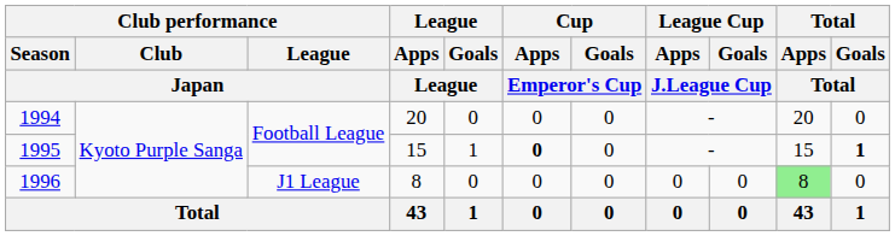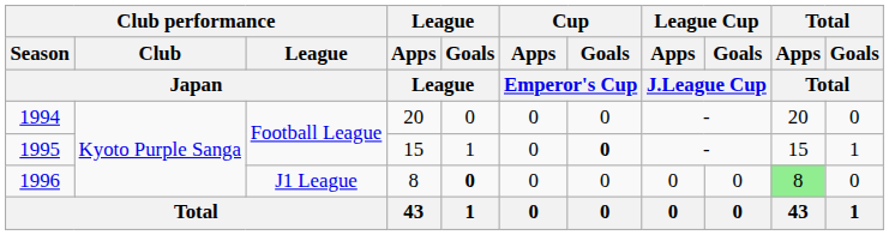 <table class="wikitable" style="text-align:center;">
 <tr>
 <th colspan=3>Club performance</th>
 <th colspan=2>League</th>
 <th colspan=2>Cup</th>
 <th colspan=2>League Cup</th>
 <th colspan=2>Total</th>
 </tr>
 <tr>
 <th>Season</th>
 <th>Club</th>
 <th>League</th>
 <th>Apps</th>
 <th>Goals</th>
 <th>Apps</th>
 <th>Goals</th>
 <th>Apps</th>
 <th>Goals</th>
 <th>Apps</th>
 <th>Goals</th>
 </tr>
 <tr>
 <th colspan=3>Japan</th>
 <th colspan=2>League</th>
 <th colspan=2><a href='#'>Emperor's Cup</a></th>
 <th colspan=2><a href='#'>J.League Cup</a></th>
 <th colspan=2>Total</th>
 </tr>
 <tr>
 <td><a href='#'>1994</a></td>
 <td rowspan="3"><a href='#'>Kyoto Purple Sanga</a></td>
 <td rowspan="2"><a href='#'>Football League</a></td>
 <td>20</td>
 <td>0</td>
 <td>0</td>
 <td>0</td>
 <td colspan="2">-</td>
 <td>20</td>
 <td>0</td>
 </tr>
 <tr>
 <td><a href='#'>1995</a></td>
 <td>15</td>
 <td>1</td>
+<td>0</td>
 <td><strong>0</strong></td>
-<td>0</td>
 <td colspan="2">-</td>
 <td>15</td>
-<td><strong>1</strong></td>
+<td>1</td>
 </tr>
 <tr>
 <td><a href='#'>1996</a></td>
 <td><a href='#'>J1 League</a></td>
 <td>8</td>
-<td>0</td>
+<td><strong>0</strong></td>
 <td>0</td>
 <td>0</td>
 <td>0</td>
 <td>0</td>
 <td style="background: lightgreen;">8</td>
 <td>0</td>
 </tr>
 <tr>
 <th colspan=3>Total</th>
 <th>43</th>
 <th>1</th>
 <th>0</th>
 <th>0</th>
 <th>0</th>
 <th>0</th>
 <th>43</th>
 <th>1</th>
 </tr>
 </table>
